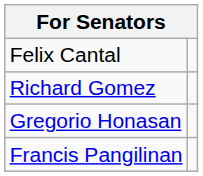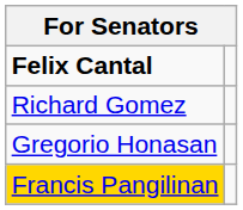 <table class=wikitable style="font-size:90%">
 <tr>
 <th colspan=5>For Senators</th>
 </tr>
 <tr>
-<td>Felix Cantal</td>
+<td><strong>Felix Cantal</strong></td>
 <td></td>
 </tr>
 <tr>
 <td><a href='#'>Richard Gomez</a></td>
 <td></td>
 </tr>
 <tr>
 <td><a href='#'>Gregorio Honasan</a></td>
 <td></td>
 </tr>
 <tr>
-<td><a href='#'>Francis Pangilinan</a></td>
+<td style="background: gold;"><a href='#'>Francis Pangilinan</a></td>
 <td></td>
 </tr>
 </table>
